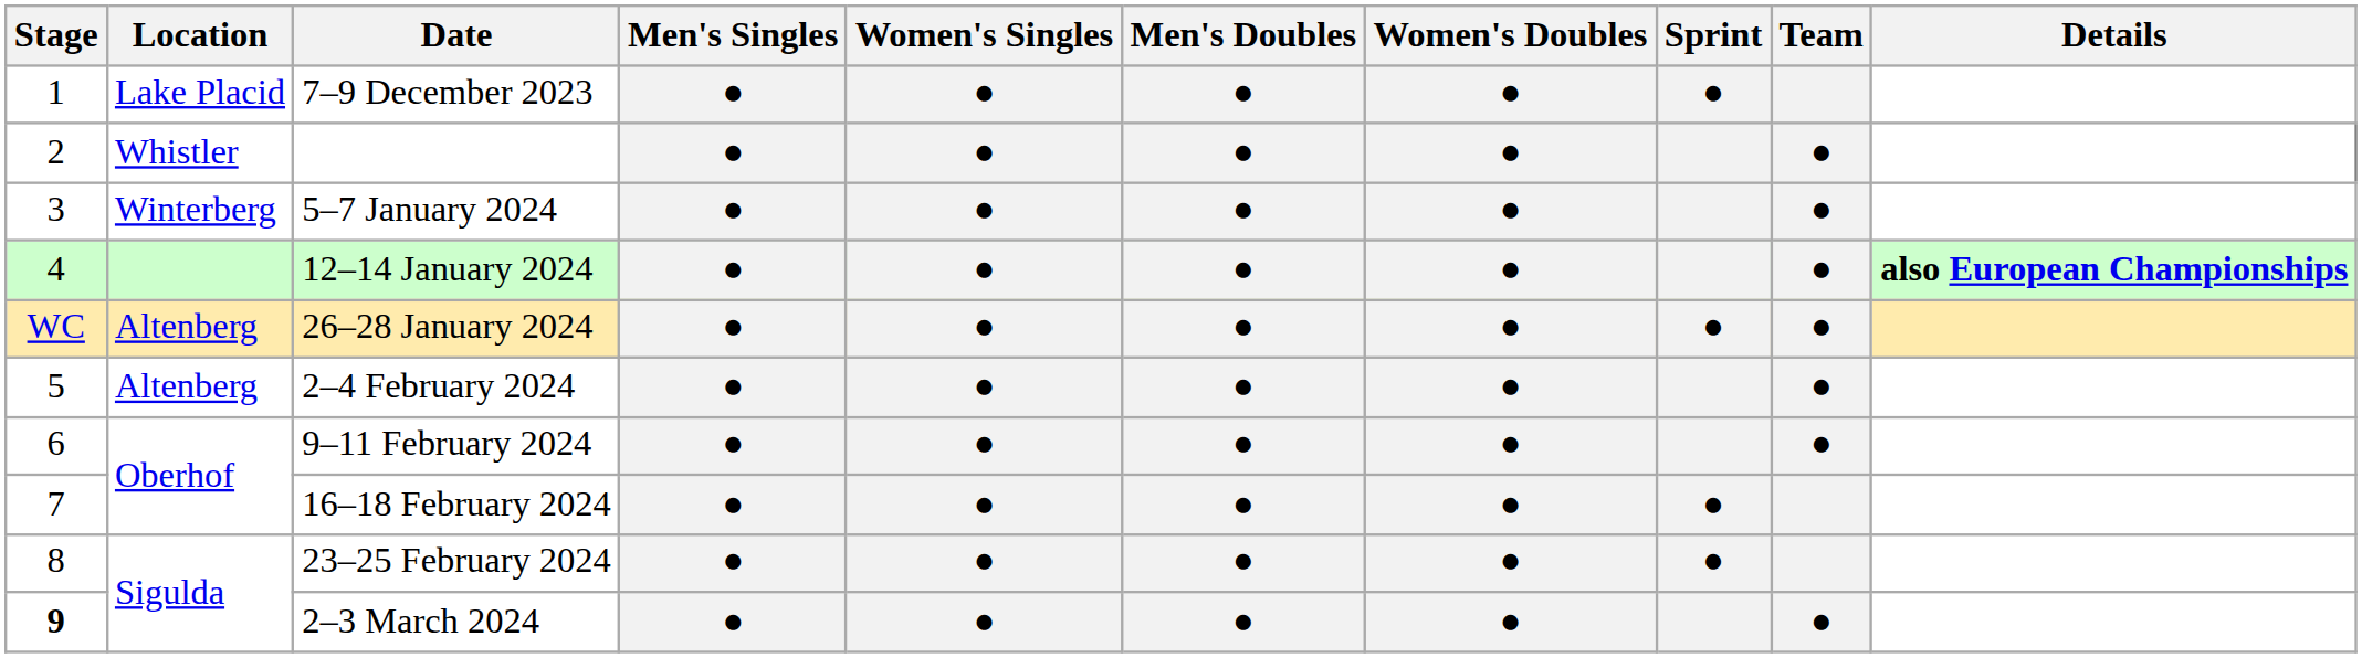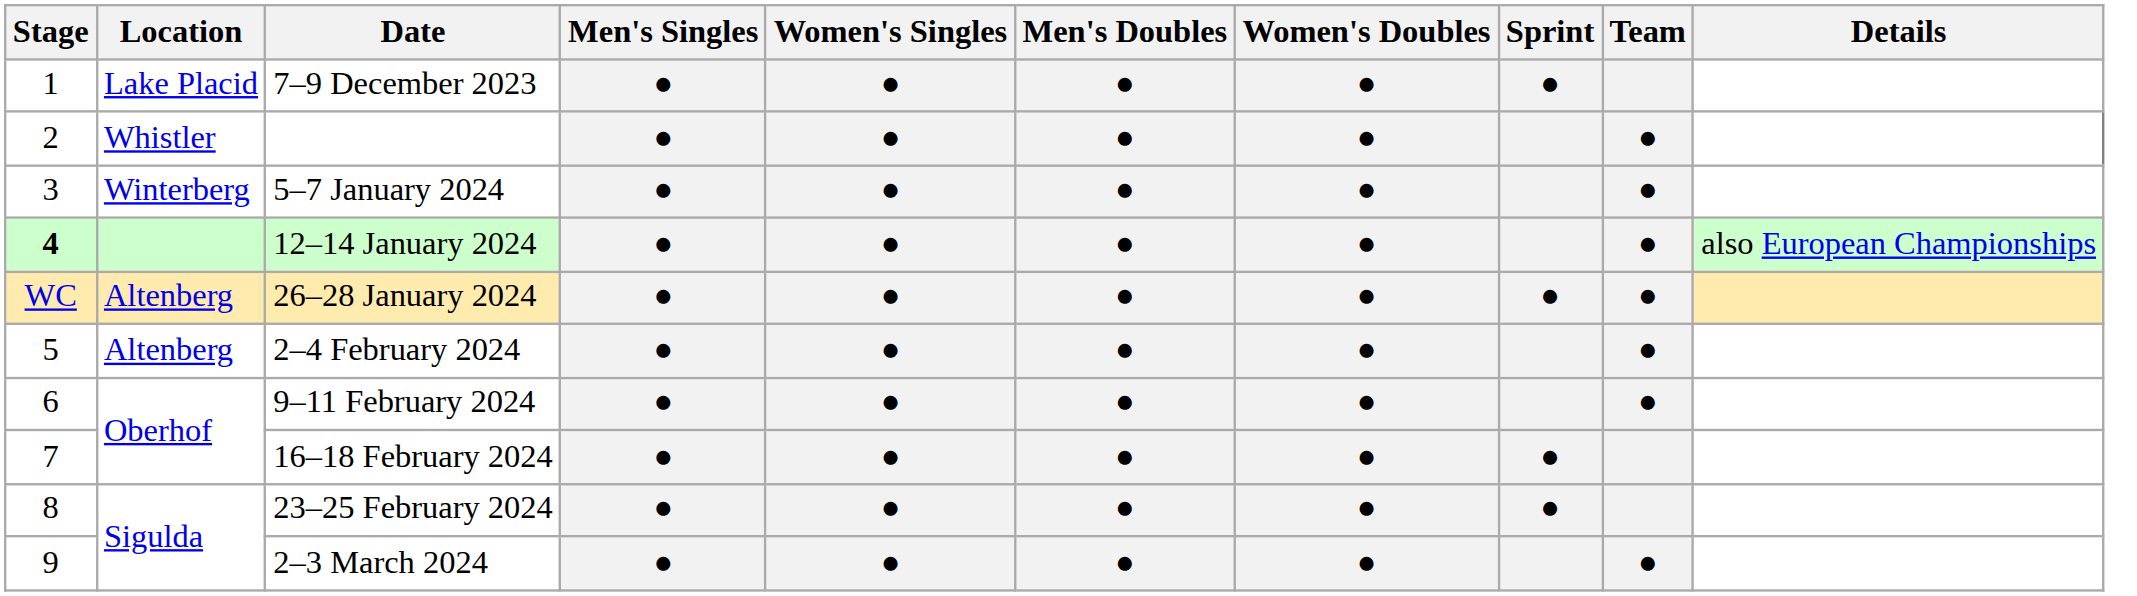 <table class="wikitable plainrowheaders" style="background:#fff; font-size:86%; line-height:16px; border:grey solid 1px; border-collapse:collapse;">
 <tr>
 <th>Stage</th>
 <th>Location</th>
 <th>Date</th>
 <th>Men's Singles</th>
 <th>Women's Singles</th>
 <th>Men's Doubles</th>
 <th>Women's Doubles</th>
 <th>Sprint</th>
 <th>Team</th>
 <th>Details</th>
 </tr>
 <tr style="text-align:center">
 <td>1</td>
 <td style="text-align:left"> <a href='#'>Lake Placid</a></td>
 <td style="text-align:left">7–9 December 2023</td>
 <th>●</th>
 <th>●</th>
 <th>●</th>
 <th>●</th>
 <th>●</th>
 <th></th>
 <td></td>
 </tr>
 <tr style="text-align:center">
 <td>2</td>
 <td style="text-align:left"> <a href='#'>Whistler</a></td>
 <td style="text-align:left"></td>
 <th>●</th>
 <th>●</th>
 <th>●</th>
 <th>●</th>
 <th></th>
 <th>●</th>
 </tr>
 <tr style="text-align:center">
 <td>3</td>
 <td style="text-align:left"> <a href='#'>Winterberg</a></td>
 <td style="text-align:left">5–7 January 2024</td>
 <th>●</th>
 <th>●</th>
 <th>●</th>
 <th>●</th>
 <th></th>
 <th>●</th>
 <td></td>
 </tr>
 <tr align="center" style="background:#CCFFCC">
-<td>4</td>
+<td><strong>4</strong></td>
 <td style="text-align:left"></td>
 <td style="text-align:left">12–14 January 2024</td>
 <th>●</th>
 <th>●</th>
 <th>●</th>
 <th>●</th>
 <th></th>
 <th>●</th>
-<td><strong>also <a href='#'>European Championships</a></strong></td>
+<td>also <a href='#'>European Championships</a></td>
 </tr>
 <tr align="center" style="background:#FFEBAD">
 <td><a href='#'>WC</a></td>
 <td style="text-align:left"> <a href='#'>Altenberg</a></td>
 <td style="text-align:left">26–28 January 2024</td>
 <th>●</th>
 <th>●</th>
 <th>●</th>
 <th>●</th>
 <th>●</th>
 <th>●</th>
 <td></td>
 </tr>
 <tr style="text-align:center">
 <td>5</td>
 <td style="text-align:left"> <a href='#'>Altenberg</a></td>
 <td style="text-align:left">2–4 February 2024</td>
 <th>●</th>
 <th>●</th>
 <th>●</th>
 <th>●</th>
 <th></th>
 <th>●</th>
 <td></td>
 </tr>
 <tr style="text-align:center">
 <td>6</td>
 <td style="text-align:left" rowspan=2> <a href='#'>Oberhof</a></td>
 <td style="text-align:left">9–11 February 2024</td>
 <th>●</th>
 <th>●</th>
 <th>●</th>
 <th>●</th>
 <th></th>
 <th>●</th>
 <td></td>
 </tr>
 <tr style="text-align:center">
 <td>7</td>
 <td style="text-align:left">16–18 February 2024</td>
 <th>●</th>
 <th>●</th>
 <th>●</th>
 <th>●</th>
 <th>●</th>
 <th></th>
 <td></td>
 </tr>
 <tr style="text-align:center">
 <td>8</td>
 <td style="text-align:left" rowspan=2> <a href='#'>Sigulda</a></td>
 <td style="text-align:left">23–25 February 2024</td>
 <th>●</th>
 <th>●</th>
 <th>●</th>
 <th>●</th>
 <th>●</th>
 <th></th>
 <td></td>
 </tr>
 <tr style="text-align:center">
-<td><strong>9</strong></td>
+<td>9</td>
 <td style="text-align:left">2–3 March 2024</td>
 <th>●</th>
 <th>●</th>
 <th>●</th>
 <th>●</th>
 <th></th>
 <th>●</th>
 <td></td>
 </tr>
 </table>
